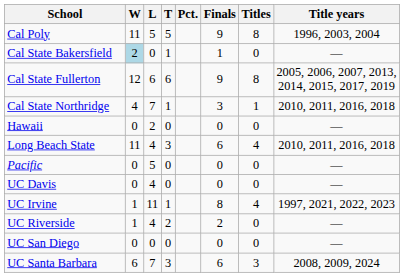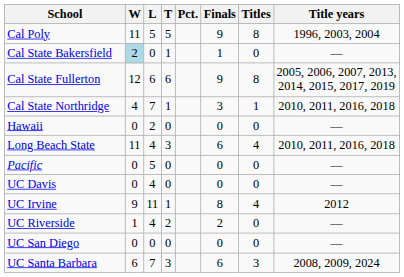 <table class="wikitable sortable" style="text-align:center">
 <tr>
 <th width=150px>School</th>
 <th width=px>W</th>
 <th width=px>L</th>
 <th width=px>T</th>
 <th width=px>Pct.</th>
 <th width=px>Finals</th>
 <th width=px>Titles</th>
 <th width=px>Title years</th>
 </tr>
 <tr>
 <td align=left><a href='#'>Cal Poly</a></td>
 <td>11</td>
 <td>5</td>
 <td>5</td>
 <td></td>
 <td>9</td>
 <td>8</td>
 <td>1996, 2003, 2004</td>
 </tr>
 <tr>
 <td align=left><a href='#'>Cal State Bakersfield</a></td>
 <td style="background: lightblue;">2</td>
 <td>0</td>
 <td>1</td>
 <td></td>
 <td>1</td>
 <td>0</td>
 <td>—</td>
 </tr>
 <tr>
 <td align=left><a href='#'>Cal State Fullerton</a></td>
 <td>12</td>
 <td>6</td>
 <td>6</td>
 <td></td>
 <td>9</td>
 <td>8</td>
 <td>2005, 2006, 2007, 2013,<br>2014, 2015, 2017, 2019</td>
 </tr>
 <tr>
 <td align=left><a href='#'>Cal State Northridge</a></td>
 <td>4</td>
 <td>7</td>
 <td>1</td>
 <td></td>
 <td>3</td>
 <td>1</td>
 <td>2010, 2011, 2016, 2018</td>
 </tr>
 <tr>
 <td align=left><a href='#'>Hawaii</a></td>
 <td>0</td>
 <td>2</td>
 <td>0</td>
 <td></td>
 <td>0</td>
 <td>0</td>
 <td>—</td>
 </tr>
 <tr>
 <td align=left><a href='#'>Long Beach State</a></td>
 <td>11</td>
 <td>4</td>
 <td>3</td>
 <td></td>
 <td>6</td>
 <td>4</td>
 <td>2010, 2011, 2016, 2018</td>
 </tr>
 <tr>
 <td align=left><em><a href='#'>Pacific</a></em></td>
 <td>0</td>
 <td>5</td>
 <td>0</td>
 <td></td>
 <td>0</td>
 <td>0</td>
 <td>—</td>
 </tr>
 <tr>
 <td align=left><a href='#'>UC Davis</a></td>
 <td>0</td>
 <td>4</td>
 <td>0</td>
 <td></td>
 <td>0</td>
 <td>0</td>
 <td>—</td>
 </tr>
 <tr>
 <td align=left><a href='#'>UC Irvine</a></td>
-<td>1</td>
+<td>9</td>
 <td>11</td>
 <td>1</td>
 <td></td>
 <td>8</td>
 <td>4</td>
-<td>1997, 2021, 2022, 2023</td>
+<td>2012</td>
 </tr>
 <tr>
 <td align=left><a href='#'>UC Riverside</a></td>
 <td>1</td>
 <td>4</td>
 <td>2</td>
 <td></td>
 <td>2</td>
 <td>0</td>
 <td>—</td>
 </tr>
 <tr>
 <td align=left><a href='#'>UC San Diego</a></td>
 <td>0</td>
 <td>0</td>
 <td>0</td>
 <td></td>
 <td>0</td>
 <td>0</td>
 <td>—</td>
 </tr>
 <tr>
 <td align=left><a href='#'>UC Santa Barbara</a></td>
 <td>6</td>
 <td>7</td>
 <td>3</td>
 <td></td>
 <td>6</td>
 <td>3</td>
 <td>2008, 2009, 2024</td>
 </tr>
 </table>
